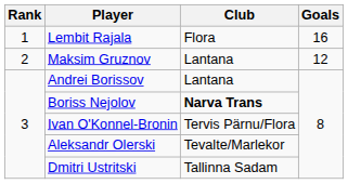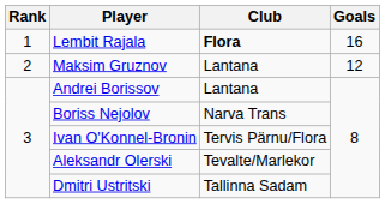 <table class="wikitable">
 <tr>
 <th>Rank</th>
 <th>Player</th>
 <th>Club</th>
 <th>Goals</th>
 </tr>
 <tr>
 <td align=center>1</td>
 <td> <a href='#'>Lembit Rajala</a></td>
-<td>Flora</td>
+<td><strong>Flora</strong></td>
 <td align=center>16</td>
 </tr>
 <tr>
 <td align=center>2</td>
 <td> <a href='#'>Maksim Gruznov</a></td>
 <td>Lantana</td>
 <td align=center>12</td>
 </tr>
 <tr>
 <td rowspan=5 align=center>3</td>
 <td> <a href='#'>Andrei Borissov</a></td>
 <td>Lantana</td>
 <td rowspan=5 align=center>8</td>
 </tr>
 <tr>
 <td> <a href='#'>Boriss Nejolov</a></td>
-<td><strong>Narva Trans</strong></td>
+<td>Narva Trans</td>
 </tr>
 <tr>
 <td> <a href='#'>Ivan O'Konnel-Bronin</a></td>
 <td>Tervis Pärnu/Flora</td>
 </tr>
 <tr>
 <td> <a href='#'>Aleksandr Olerski</a></td>
 <td>Tevalte/Marlekor</td>
 </tr>
 <tr>
 <td> <a href='#'>Dmitri Ustritski</a></td>
 <td>Tallinna Sadam</td>
 </tr>
 </table>
